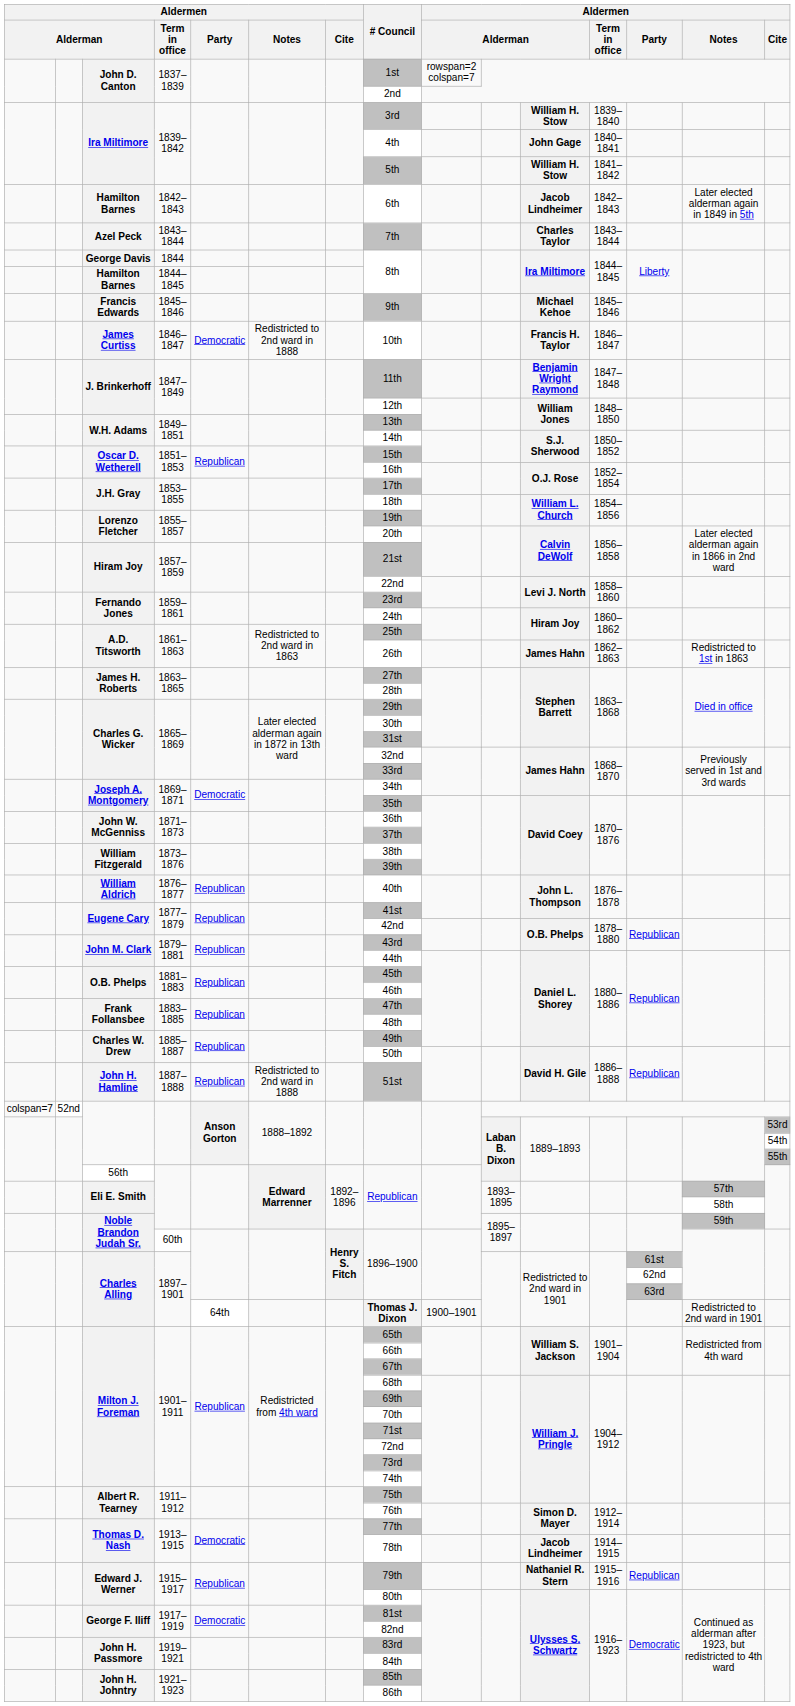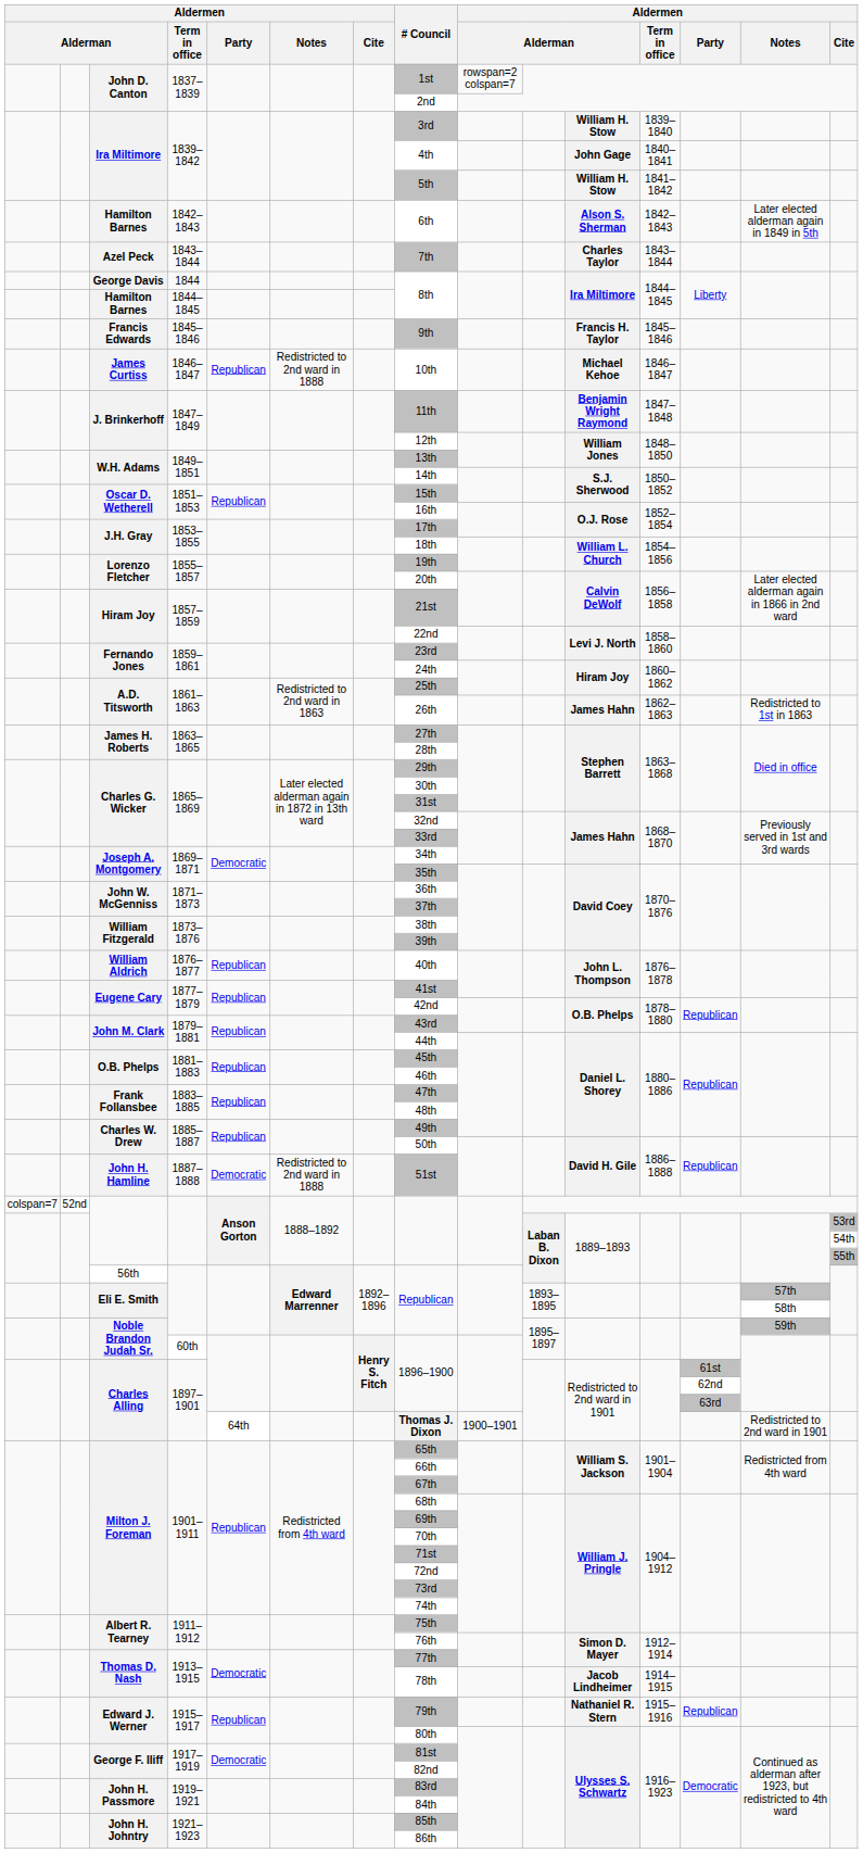 <table class="wikitable" style="text-align:center;">
 <tr>
 <th scope="col" colspan="7">Aldermen</th>
 <th rowspan=2 scope=col># Council</th>
 <th scope="col" colspan="7">Aldermen</th>
 </tr>
 <tr>
 <th scope="col" colspan="3">Alderman</th>
 <th scope="col">Term in office</th>
 <th scope="col">Party</th>
 <th scope="col">Notes</th>
 <th scope="col">Cite</th>
 <th scope="col" colspan="3">Alderman</th>
 <th scope="col">Term in office</th>
 <th scope="col">Party</th>
 <th scope="col">Notes</th>
 <th scope="col">Cite</th>
 </tr>
 <tr>
 <td rowspan=2></td>
 <td rowspan=2></td>
 <th rowspan=2 scope="row">John D. Canton</th>
 <td rowspan=2>1837–1839</td>
 <td rowspan=2></td>
 <td rowspan=2></td>
 <td rowspan=2></td>
 <td style= "background-color:#C0C0C0">1st</td>
 <td>rowspan=2 colspan=7 </td>
 </tr>
 <tr>
 <td style= "background-color:#FFFFFF">2nd</td>
 </tr>
 <tr>
 <td rowspan=3> </td>
 <td rowspan=3></td>
 <th rowspan=3 scope="row"><a href='#'>Ira Miltimore</a></th>
 <td rowspan=3>1839–1842</td>
 <td rowspan=3></td>
 <td rowspan=3></td>
 <td rowspan=3></td>
 <td style= "background-color:#C0C0C0">3rd</td>
 <td></td>
 <td></td>
 <th scope="row">William H. Stow</th>
 <td>1839–1840</td>
 <td></td>
 <td></td>
 <td></td>
 </tr>
 <tr>
 <td style= "background-color:#FFFFFF">4th</td>
 <td></td>
 <td></td>
 <th scope="row">John Gage</th>
 <td>1840–1841</td>
 <td></td>
 <td></td>
 <td></td>
 </tr>
 <tr>
 <td style= "background-color:#C0C0C0">5th</td>
 <td></td>
 <td></td>
 <th scope="row">William H. Stow</th>
 <td>1841–1842</td>
 <td></td>
 <td></td>
 <td></td>
 </tr>
 <tr>
 <td></td>
 <td></td>
 <th scope="row">Hamilton Barnes</th>
 <td>1842–1843</td>
 <td></td>
 <td></td>
 <td></td>
 <td style= "background-color:#FFFFFF">6th</td>
 <td></td>
 <td></td>
-<th scope="row">Jacob Lindheimer</th>
+<th scope="row"><a href='#'>Alson S. Sherman</a></th>
 <td>1842–1843</td>
 <td></td>
 <td>Later elected alderman again in 1849 in <a href='#'>5th</a></td>
 <td></td>
 </tr>
 <tr>
 <td></td>
 <td></td>
 <th scope="row">Azel Peck</th>
 <td>1843–1844</td>
 <td></td>
 <td></td>
 <td></td>
 <td style= "background-color:#C0C0C0">7th</td>
 <td></td>
 <td></td>
 <th scope="row">Charles Taylor</th>
 <td>1843–1844</td>
 <td></td>
 <td></td>
 <td></td>
 </tr>
 <tr>
 <td></td>
 <td></td>
 <th scope="row">George Davis</th>
 <td>1844</td>
 <td></td>
 <td></td>
 <td></td>
 <td rowspan=2 style= "background-color:#FFFFFF">8th</td>
 <td rowspan=2> </td>
 <td rowspan=2></td>
 <th rowspan=2 scope="row"><a href='#'>Ira Miltimore</a></th>
 <td rowspan=2>1844–1845</td>
 <td rowspan=2><a href='#'>Liberty</a></td>
 <td rowspan=2></td>
 <td rowspan=2></td>
 </tr>
 <tr>
 <td></td>
 <td></td>
 <th scope="row">Hamilton Barnes</th>
 <td>1844–1845</td>
 <td></td>
 <td></td>
 <td></td>
 </tr>
 <tr>
 <td></td>
 <td></td>
 <th scope="row">Francis Edwards</th>
 <td>1845–1846</td>
 <td></td>
 <td></td>
 <td></td>
 <td style= "background-color:#C0C0C0">9th</td>
 <td></td>
 <td></td>
-<th scope="row">Michael Kehoe</th>
+<th scope="row">Francis H. Taylor</th>
 <td>1845–1846</td>
 <td></td>
 <td></td>
 <td></td>
 </tr>
 <tr>
 <td> </td>
 <td></td>
 <th scope="row"><a href='#'>James Curtiss</a></th>
 <td>1846–1847</td>
-<td><a href='#'>Democratic</a></td>
+<td><a href='#'>Republican</a></td>
 <td>Redistricted to 2nd ward in 1888</td>
 <td></td>
 <td style= "background-color:#FFFFFF">10th</td>
 <td></td>
 <td></td>
-<th scope="row">Francis H. Taylor</th>
+<th scope="row">Michael Kehoe</th>
 <td>1846–1847</td>
 <td></td>
 <td></td>
 <td></td>
 </tr>
 <tr>
 <td rowspan=2></td>
 <td rowspan=2></td>
 <th rowspan=2 scope="row">J. Brinkerhoff</th>
 <td rowspan=2>1847–1849</td>
 <td rowspan=2></td>
 <td rowspan=2></td>
 <td rowspan=2></td>
 <td style= "background-color:#C0C0C0">11th</td>
 <td></td>
 <td></td>
 <th scope="row"><a href='#'>Benjamin Wright Raymond</a></th>
 <td>1847–1848</td>
 <td></td>
 <td></td>
 <td></td>
 </tr>
 <tr>
 <td style= "background-color:#FFFFFF">12th</td>
 <td rowspan=2></td>
 <td rowspan=2></td>
 <th rowspan=2 scope="row">William Jones</th>
 <td rowspan=2>1848–1850</td>
 <td rowspan=2></td>
 <td rowspan=2></td>
 <td rowspan=2></td>
 </tr>
 <tr>
 <td rowspan=2></td>
 <td rowspan=2></td>
 <th rowspan=2 scope="row">W.H. Adams</th>
 <td rowspan=2>1849–1851</td>
 <td rowspan=2></td>
 <td rowspan=2></td>
 <td rowspan=2></td>
 <td style= "background-color:#C0C0C0">13th</td>
 </tr>
 <tr>
 <td style= "background-color:#FFFFFF">14th</td>
 <td rowspan=2></td>
 <td rowspan=2></td>
 <th rowspan=2 scope="row">S.J. Sherwood</th>
 <td rowspan=2>1850–1852</td>
 <td rowspan=2></td>
 <td rowspan=2></td>
 <td rowspan=2></td>
 </tr>
 <tr>
 <td rowspan=2> </td>
 <td rowspan=2></td>
 <th rowspan=2 scope="row"><a href='#'>Oscar D. Wetherell</a></th>
 <td rowspan=2>1851–1853</td>
 <td rowspan=2><a href='#'>Republican</a></td>
 <td rowspan=2></td>
 <td rowspan=2></td>
 <td style= "background-color:#C0C0C0">15th</td>
 </tr>
 <tr>
 <td style= "background-color:#FFFFFF">16th</td>
 <td rowspan=2></td>
 <td rowspan=2></td>
 <th rowspan=2 scope="row">O.J. Rose</th>
 <td rowspan=2>1852–1854</td>
 <td rowspan=2></td>
 <td rowspan=2></td>
 <td rowspan=2></td>
 </tr>
 <tr>
 <td rowspan=2></td>
 <td rowspan=2></td>
 <th rowspan=2 scope="row">J.H. Gray</th>
 <td rowspan=2>1853–1855</td>
 <td rowspan=2></td>
 <td rowspan=2></td>
 <td rowspan=2></td>
 <td style= "background-color:#C0C0C0">17th</td>
 </tr>
 <tr>
 <td style= "background-color:#FFFFFF">18th</td>
 <td rowspan=2></td>
 <td rowspan=2></td>
 <th rowspan=2 scope="row"><a href='#'>William L. Church</a></th>
 <td rowspan=2>1854–1856</td>
 <td rowspan=2></td>
 <td rowspan=2></td>
 <td rowspan=2></td>
 </tr>
 <tr>
 <td rowspan=2></td>
 <td rowspan=2></td>
 <th rowspan=2 scope="row">Lorenzo Fletcher</th>
 <td rowspan=2>1855–1857</td>
 <td rowspan=2></td>
 <td rowspan=2></td>
 <td rowspan=2></td>
 <td style= "background-color:#C0C0C0">19th</td>
 </tr>
 <tr>
 <td style= "background-color:#FFFFFF">20th</td>
 <td rowspan=2></td>
 <td rowspan=2></td>
 <th rowspan=2 scope="row"><a href='#'>Calvin DeWolf</a></th>
 <td rowspan=2>1856–1858</td>
 <td rowspan=2></td>
 <td rowspan=2>Later elected alderman again in 1866 in 2nd ward</td>
 <td rowspan=2></td>
 </tr>
 <tr>
 <td rowspan=2></td>
 <td rowspan=2></td>
 <th rowspan=2 scope="row">Hiram Joy</th>
 <td rowspan=2>1857–1859</td>
 <td rowspan=2></td>
 <td rowspan=2></td>
 <td rowspan=2></td>
 <td style= "background-color:#C0C0C0">21st</td>
 </tr>
 <tr>
 <td style= "background-color:#FFFFFF">22nd</td>
 <td rowspan=2></td>
 <td rowspan=2></td>
 <th rowspan=2 scope="row">Levi J. North</th>
 <td rowspan=2>1858–1860</td>
 <td rowspan=2></td>
 <td rowspan=2></td>
 <td rowspan=2></td>
 </tr>
 <tr>
 <td rowspan=2></td>
 <td rowspan=2></td>
 <th rowspan=2 scope="row">Fernando Jones</th>
 <td rowspan=2>1859–1861</td>
 <td rowspan=2></td>
 <td rowspan=2></td>
 <td rowspan=2></td>
 <td style= "background-color:#C0C0C0">23rd</td>
 </tr>
 <tr>
 <td style= "background-color:#FFFFFF">24th</td>
 <td rowspan=2></td>
 <td rowspan=2></td>
 <th rowspan=2 scope="row">Hiram Joy</th>
 <td rowspan=2>1860–1862</td>
 <td rowspan=2></td>
 <td rowspan=2></td>
 <td rowspan=2></td>
 </tr>
 <tr>
 <td rowspan=2></td>
 <td rowspan=2></td>
 <th rowspan=2 scope="row">A.D. Titsworth</th>
 <td rowspan=2>1861–1863</td>
 <td rowspan=2></td>
 <td rowspan=2>Redistricted to 2nd ward in 1863</td>
 <td rowspan=2></td>
 <td style= "background-color:#C0C0C0">25th</td>
 </tr>
 <tr>
 <td style= "background-color:#FFFFFF">26th</td>
 <td></td>
 <td></td>
 <th scope="row">James Hahn</th>
 <td>1862–1863</td>
 <td></td>
 <td>Redistricted to <a href='#'>1st</a> in 1863</td>
 <td></td>
 </tr>
 <tr>
 <td rowspan=2></td>
 <td rowspan=2></td>
 <th rowspan=2 scope="row">James H. Roberts</th>
 <td rowspan=2>1863–1865</td>
 <td rowspan=2></td>
 <td rowspan=2></td>
 <td rowspan=2></td>
 <td style= "background-color:#C0C0C0">27th</td>
 <td rowspan=6></td>
 <td rowspan=6></td>
 <th rowspan=6 scope="row">Stephen Barrett</th>
 <td rowspan=6>1863–1868</td>
 <td rowspan=6></td>
 <td rowspan=6><a href='#'>Died in office</a></td>
 <td rowspan=6><br></td>
 </tr>
 <tr>
 <td style= "background-color:#FFFFFF">28th</td>
 </tr>
 <tr>
 <td rowspan=6></td>
 <td rowspan=6></td>
 <th rowspan=6 scope="row">Charles G. Wicker</th>
 <td rowspan=6>1865–1869</td>
 <td rowspan=6></td>
 <td rowspan=6>Later elected alderman again in 1872 in 13th ward</td>
 <td rowspan=6></td>
 <td style= "background-color:#C0C0C0">29th</td>
 </tr>
 <tr>
 <td style= "background-color:#FFFFFF">30th</td>
 </tr>
 <tr>
 <td style= "background-color:#C0C0C0">31st</td>
 </tr>
 <tr>
 <td rowspan=2 style= "background-color:#FFFFFF">32nd</td>
 </tr>
 <tr>
 <td rowspan=3></td>
 <td rowspan=3></td>
 <th rowspan=3 scope="row">James Hahn</th>
 <td rowspan=3>1868–1870</td>
 <td rowspan=3></td>
 <td rowspan=3>Previously served in 1st and 3rd wards</td>
 <td rowspan=3></td>
 </tr>
 <tr>
 <td style= "background-color:#C0C0C0">33rd</td>
 </tr>
 <tr>
 <td rowspan=2></td>
 <td rowspan=2></td>
 <th rowspan=2 scope="row"><a href='#'>Joseph A. Montgomery</a></th>
 <td rowspan=2>1869–1871</td>
 <td rowspan=2><a href='#'>Democratic</a></td>
 <td rowspan=2></td>
 <td rowspan=2></td>
 <td style= "background-color:#FFFFFF">34th</td>
 </tr>
 <tr>
 <td style= "background-color:#C0C0C0">35th</td>
 <td rowspan=5></td>
 <td rowspan=5></td>
 <th rowspan=5 scope="row">David Coey</th>
 <td rowspan=5>1870–1876</td>
 <td rowspan=5></td>
 <td rowspan=5></td>
 <td rowspan=5></td>
 </tr>
 <tr>
 <td rowspan=2></td>
 <td rowspan=2></td>
 <th rowspan=2 scope="row">John W. McGenniss</th>
 <td rowspan=2>1871–1873</td>
 <td rowspan=2></td>
 <td rowspan=2></td>
 <td rowspan=2></td>
 <td style= "background-color:#FFFFFF">36th</td>
 </tr>
 <tr>
 <td style= "background-color:#C0C0C0">37th</td>
 </tr>
 <tr>
 <td rowspan=2></td>
 <td rowspan=2></td>
 <th rowspan=2 scope="row">William Fitzgerald</th>
 <td rowspan=2>1873–1876</td>
 <td rowspan=2></td>
 <td rowspan=2></td>
 <td rowspan=2></td>
 <td style= "background-color:#FFFFFF">38th</td>
 </tr>
 <tr>
 <td style= "background-color:#C0C0C0">39th</td>
 </tr>
 <tr>
 <td> </td>
 <td></td>
 <th scope="row"><a href='#'>William Aldrich</a></th>
 <td>1876–1877</td>
 <td><a href='#'>Republican</a></td>
 <td></td>
 <td></td>
 <td style= "background-color:#FFFFFF">40th</td>
 <td rowspan=2></td>
 <td rowspan=2></td>
 <th rowspan=2 scope="row">John L. Thompson</th>
 <td rowspan=2>1876–1878</td>
 <td rowspan=2></td>
 <td rowspan=2></td>
 <td rowspan=2></td>
 </tr>
 <tr>
 <td rowspan=2> </td>
 <td rowspan=2></td>
 <th rowspan=2 scope="row"><a href='#'>Eugene Cary</a></th>
 <td rowspan=2>1877–1879</td>
 <td rowspan=2><a href='#'>Republican</a></td>
 <td rowspan=2></td>
 <td rowspan=2></td>
 <td style= "background-color:#C0C0C0">41st</td>
 </tr>
 <tr>
 <td style= "background-color:#FFFFFF">42nd</td>
 <td rowspan=2> </td>
 <td rowspan=2></td>
 <th rowspan=2 scope="row">O.B. Phelps</th>
 <td rowspan=2>1878–1880</td>
 <td rowspan=2><a href='#'>Republican</a></td>
 <td rowspan=2></td>
 <td rowspan=2></td>
 </tr>
 <tr>
 <td rowspan=2> </td>
 <td rowspan=2></td>
 <th rowspan=2 scope="row"><a href='#'>John M. Clark</a></th>
 <td rowspan=2>1879–1881</td>
 <td rowspan=2><a href='#'>Republican</a></td>
 <td rowspan=2></td>
 <td rowspan=2></td>
 <td style= "background-color:#C0C0C0">43rd</td>
 </tr>
 <tr>
 <td style= "background-color:#FFFFFF">44th</td>
 <td rowspan=6> </td>
 <td rowspan=6></td>
 <th rowspan=6 scope="row">Daniel L. Shorey</th>
 <td rowspan=6>1880–1886</td>
 <td rowspan=6><a href='#'>Republican</a></td>
 <td rowspan=6></td>
 <td rowspan=6></td>
 </tr>
 <tr>
 <td rowspan=2> </td>
 <td rowspan=2></td>
 <th rowspan=2 scope="row">O.B. Phelps</th>
 <td rowspan=2>1881–1883</td>
 <td rowspan=2><a href='#'>Republican</a></td>
 <td rowspan=2></td>
 <td rowspan=2></td>
 <td style= "background-color:#C0C0C0">45th</td>
 </tr>
 <tr>
 <td style= "background-color:#FFFFFF">46th</td>
 </tr>
 <tr>
 <td rowspan=2> </td>
 <td rowspan=2></td>
 <th rowspan=2 scope="row">Frank Follansbee</th>
 <td rowspan=2>1883–1885</td>
 <td rowspan=2><a href='#'>Republican</a></td>
 <td rowspan=2></td>
 <td rowspan=2></td>
 <td style= "background-color:#C0C0C0">47th</td>
 </tr>
 <tr>
 <td style= "background-color:#FFFFFF">48th</td>
 </tr>
 <tr>
 <td rowspan=2> </td>
 <td rowspan=2></td>
 <th rowspan=2 scope="row">Charles W. Drew</th>
 <td rowspan=2>1885–1887</td>
 <td rowspan=2><a href='#'>Republican</a></td>
 <td rowspan=2></td>
 <td rowspan=2></td>
 <td style= "background-color:#C0C0C0">49th</td>
 </tr>
 <tr>
 <td style= "background-color:#FFFFFF">50th</td>
 <td rowspan=2> </td>
 <td rowspan=2></td>
 <th rowspan=2 scope="row">David H. Gile</th>
 <td rowspan=2>1886–1888</td>
 <td rowspan=2><a href='#'>Republican</a></td>
 <td rowspan=2></td>
 <td rowspan=2></td>
 </tr>
 <tr>
 <td> </td>
 <td></td>
 <th scope="row"><a href='#'>John H. Hamline</a></th>
 <td>1887–1888</td>
-<td><a href='#'>Republican</a></td>
+<td><a href='#'>Democratic</a></td>
 <td>Redistricted to 2nd ward in 1888</td>
 <td></td>
 <td style= "background-color:#C0C0C0">51st</td>
 </tr>
 <tr>
 <td>colspan=7 </td>
 <td style= "background-color:#FFFFFF">52nd</td>
 <td rowspan=4></td>
 <td rowspan=4></td>
 <th rowspan=4 scope="row">Anson Gorton</th>
 <td rowspan=4>1888–1892</td>
 <td rowspan=4></td>
 <td rowspan=4></td>
 <td rowspan=4></td>
 </tr>
 <tr>
 <td rowspan=4></td>
 <td rowspan=4></td>
 <th rowspan=4 scope="row">Laban B. Dixon</th>
 <td rowspan=4>1889–1893</td>
 <td rowspan=4></td>
 <td rowspan=4></td>
 <td rowspan=4></td>
 <td style= "background-color:#C0C0C0">53rd</td>
 </tr>
 <tr>
 <td style= "background-color:#FFFFFF">54th</td>
 </tr>
 <tr>
 <td style= "background-color:#C0C0C0">55th</td>
 </tr>
 <tr>
 <td style= "background-color:#FFFFFF">56th</td>
 <td rowspan=4> </td>
 <td rowspan=4></td>
 <th rowspan=4 scope="row">Edward Marrenner</th>
 <td rowspan=4>1892–1896</td>
 <td rowspan=4><a href='#'>Republican</a></td>
 <td rowspan=4></td>
 <td rowspan=4></td>
 </tr>
 <tr>
 <td rowspan=2></td>
 <td rowspan=2></td>
 <th rowspan=2 scope="row">Eli E. Smith</th>
 <td rowspan=2>1893–1895</td>
 <td rowspan=2></td>
 <td rowspan=2></td>
 <td rowspan=2></td>
 <td style= "background-color:#C0C0C0">57th</td>
 </tr>
 <tr>
 <td style= "background-color:#FFFFFF">58th</td>
 </tr>
 <tr>
 <td rowspan=2></td>
 <td rowspan=2></td>
 <th rowspan=2 scope="row"><a href='#'>Noble Brandon Judah Sr.</a></th>
 <td rowspan=2>1895–1897</td>
 <td rowspan=2></td>
 <td rowspan=2></td>
 <td rowspan=2></td>
 <td style= "background-color:#C0C0C0">59th</td>
 </tr>
 <tr>
 <td style= "background-color:#FFFFFF">60th</td>
 <td rowspan=4></td>
 <td rowspan=4></td>
 <th rowspan=4 scope="row">Henry S. Fitch</th>
 <td rowspan=4>1896–1900</td>
 <td rowspan=4></td>
 <td rowspan=4></td>
 <td rowspan=4></td>
 </tr>
 <tr>
 <td rowspan=4></td>
 <td rowspan=4></td>
 <th rowspan=4 scope="row"><a href='#'>Charles Alling</a></th>
 <td rowspan=4>1897–1901</td>
 <td rowspan=4></td>
 <td rowspan=4>Redistricted to 2nd ward in 1901</td>
 <td rowspan=4></td>
 <td style= "background-color:#C0C0C0">61st</td>
 </tr>
 <tr>
 <td style= "background-color:#FFFFFF">62nd</td>
 </tr>
 <tr>
 <td style= "background-color:#C0C0C0">63rd</td>
 </tr>
 <tr>
 <td style= "background-color:#FFFFFF">64th</td>
 <td></td>
 <td></td>
 <th scope="row">Thomas J. Dixon</th>
 <td>1900–1901</td>
 <td></td>
 <td>Redistricted to 2nd ward in 1901</td>
 <td></td>
 </tr>
 <tr>
 <td rowspan=10> </td>
 <td rowspan=10></td>
 <th rowspan=10 scope="row"><a href='#'>Milton J. Foreman</a></th>
 <td rowspan=10>1901–1911</td>
 <td rowspan=10><a href='#'>Republican</a></td>
 <td rowspan=10>Redistricted from <a href='#'>4th ward</a></td>
 <td rowspan=10></td>
 <td style= "background-color:#C0C0C0">65th</td>
 <td rowspan=3></td>
 <td rowspan=3></td>
 <th rowspan=3 scope="row">William S. Jackson</th>
 <td rowspan=3>1901–1904</td>
 <td rowspan=3></td>
 <td rowspan=3>Redistricted from 4th ward</td>
 <td rowspan=3></td>
 </tr>
 <tr>
 <td style= "background-color:#FFFFFF">66th</td>
 </tr>
 <tr>
 <td style= "background-color:#C0C0C0">67th</td>
 </tr>
 <tr>
 <td style= "background-color:#FFFFFF">68th</td>
 <td rowspan=8></td>
 <td rowspan=8></td>
 <th rowspan=8 scope="row"><a href='#'>William J. Pringle</a></th>
 <td rowspan=8>1904–1912</td>
 <td rowspan=8></td>
 <td rowspan=8></td>
 <td rowspan=8></td>
 </tr>
 <tr>
 <td style= "background-color:#C0C0C0">69th</td>
 </tr>
 <tr>
 <td style= "background-color:#FFFFFF">70th</td>
 </tr>
 <tr>
 <td style= "background-color:#C0C0C0">71st</td>
 </tr>
 <tr>
 <td style= "background-color:#FFFFFF">72nd</td>
 </tr>
 <tr>
 <td style= "background-color:#C0C0C0">73rd</td>
 </tr>
 <tr>
 <td style= "background-color:#FFFFFF">74th</td>
 </tr>
 <tr>
 <td rowspan=2></td>
 <td rowspan=2></td>
 <th rowspan=2 scope="row">Albert R. Tearney</th>
 <td rowspan=2>1911–1912</td>
 <td rowspan=2></td>
 <td rowspan=2></td>
 <td rowspan=2></td>
 <td style= "background-color:#C0C0C0">75th</td>
 </tr>
 <tr>
 <td style= "background-color:#FFFFFF">76th</td>
 <td rowspan=2></td>
 <td rowspan=2></td>
 <th rowspan=2 scope="row">Simon D. Mayer</th>
 <td rowspan=2>1912–1914</td>
 <td rowspan=2></td>
 <td rowspan=2></td>
 <td rowspan=2></td>
 </tr>
 <tr>
 <td rowspan=2></td>
 <td rowspan=2></td>
 <th rowspan=2 scope="row"><a href='#'>Thomas D. Nash</a></th>
 <td rowspan=2>1913–1915</td>
 <td rowspan=2><a href='#'>Democratic</a></td>
 <td rowspan=2></td>
 <td rowspan=2></td>
 <td style= "background-color:#C0C0C0">77th</td>
 </tr>
 <tr>
 <td style= "background-color:#FFFFFF">78th</td>
 <td></td>
 <td></td>
 <th scope="row">Jacob Lindheimer</th>
 <td>1914–1915</td>
 <td></td>
 <td></td>
 <td></td>
 </tr>
 <tr>
 <td rowspan=2></td>
 <td rowspan=2></td>
 <th rowspan=2 scope="row">Edward J. Werner</th>
 <td rowspan=2>1915–1917</td>
 <td rowspan=2><a href='#'>Republican</a></td>
 <td rowspan=2></td>
 <td rowspan=2></td>
 <td style= "background-color:#C0C0C0">79th</td>
 <td></td>
 <td></td>
 <th scope="row">Nathaniel R. Stern</th>
 <td>1915–1916</td>
 <td><a href='#'>Republican</a></td>
 <td></td>
 <td></td>
 </tr>
 <tr>
 <td style= "background-color:#FFFFFF">80th</td>
 <td rowspan=7></td>
 <td rowspan=7></td>
 <th rowspan=7 scope="row"><a href='#'>Ulysses S. Schwartz</a></th>
 <td rowspan=7>1916–1923</td>
 <td rowspan=7><a href='#'>Democratic</a></td>
 <td rowspan=7>Continued as alderman after 1923, but redistricted to 4th ward</td>
 <td rowspan=7></td>
 </tr>
 <tr>
 <td rowspan=2></td>
 <td rowspan=2></td>
 <th rowspan=2 scope="row">George F. Iliff</th>
 <td rowspan=2>1917–1919</td>
 <td rowspan=2><a href='#'>Democratic</a></td>
 <td rowspan=2></td>
 <td rowspan=2></td>
 <td style= "background-color:#C0C0C0">81st</td>
 </tr>
 <tr>
 <td style= "background-color:#FFFFFF">82nd</td>
 </tr>
 <tr>
 <td rowspan=2></td>
 <td rowspan=2></td>
 <th rowspan=2 scope="row">John H. Passmore</th>
 <td rowspan=2>1919–1921</td>
 <td rowspan=2></td>
 <td rowspan=2></td>
 <td rowspan=2></td>
 <td style= "background-color:#C0C0C0">83rd</td>
 </tr>
 <tr>
 <td style= "background-color:#FFFFFF">84th</td>
 </tr>
 <tr>
 <td rowspan=2></td>
 <td rowspan=2></td>
 <th rowspan=2 scope="row">John H. Johntry</th>
 <td rowspan=2>1921–1923</td>
 <td rowspan=2></td>
 <td rowspan=2></td>
 <td rowspan=2></td>
 <td style= "background-color:#C0C0C0">85th</td>
 </tr>
 <tr>
 <td style= "background-color:#FFFFFF">86th</td>
 </tr>
 </table>
